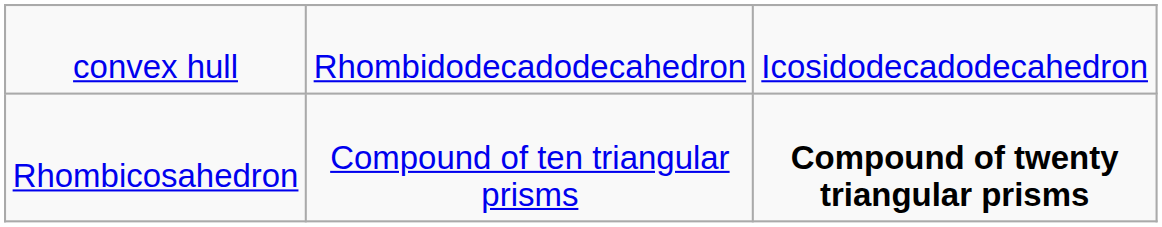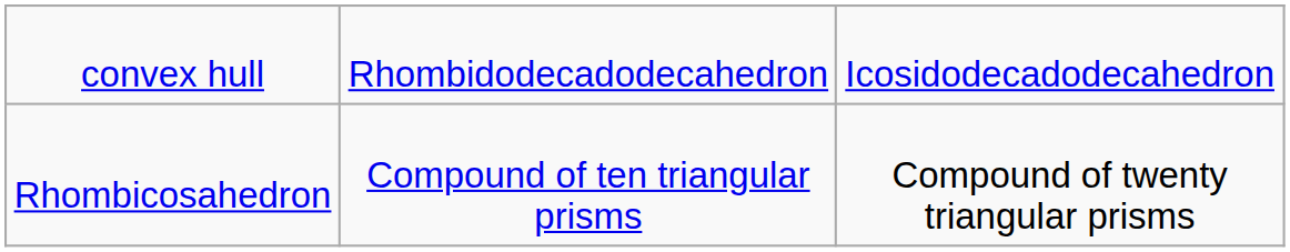 <table class="wikitable" width="400" style="vertical-align:top;text-align:center">
 <tr>
 <td><br><a href='#'>convex hull</a></td>
 <td><br><a href='#'>Rhombidodecadodecahedron</a></td>
 <td><br><a href='#'>Icosidodecadodecahedron</a></td>
 </tr>
 <tr>
 <td><br><a href='#'>Rhombicosahedron</a></td>
 <td><br><a href='#'>Compound of ten triangular prisms</a></td>
-<td><strong><br>Compound of twenty triangular prisms</strong></td>
+<td><br>Compound of twenty triangular prisms</td>
 </tr>
 </table>
